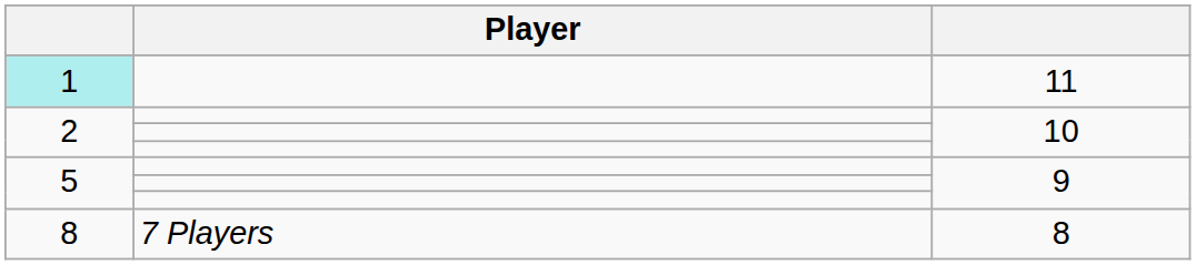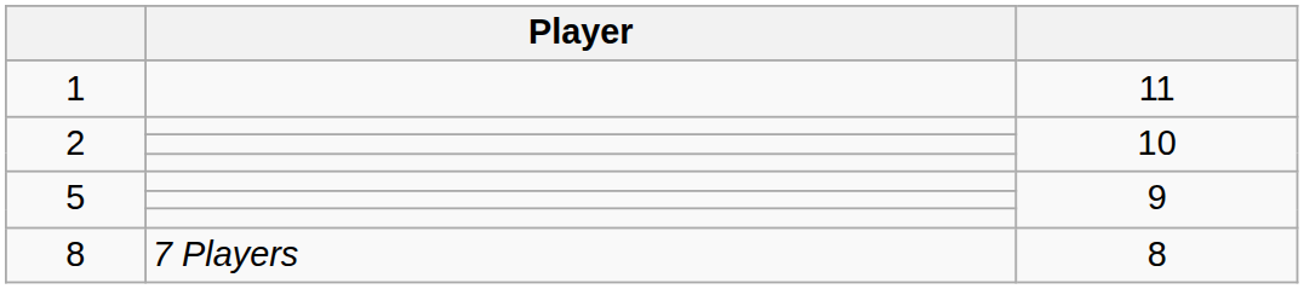 <table class="wikitable sortable plainrowheaders" style="width:95%;">
 <tr>
 <th style="width:2em;"></th>
 <th style="width:15em;">Player</th>
 <th style="width:4.5em;"></th>
 </tr>
 <tr>
-<td align=center style="background: paleturquoise;">1</td>
+<td align=center>1</td>
 <td align=left> </td>
 <td align=center>11</td>
 </tr>
 <tr>
 <td align=center rowspan="3">2</td>
 <td align=left> </td>
 <td align=center rowspan="3">10</td>
 </tr>
 <tr>
 <td align=left> </td>
 </tr>
 <tr>
 <td align=left> </td>
 </tr>
 <tr>
 <td align=center rowspan="3">5</td>
 <td align=left> </td>
 <td align=center rowspan="3">9</td>
 </tr>
 <tr>
 <td align=left> </td>
 </tr>
 <tr>
 <td align=left> </td>
 </tr>
 <tr>
 <td align=center>8</td>
 <td align=left><em>7 Players</em></td>
 <td align=center>8</td>
 </tr>
 </table>
